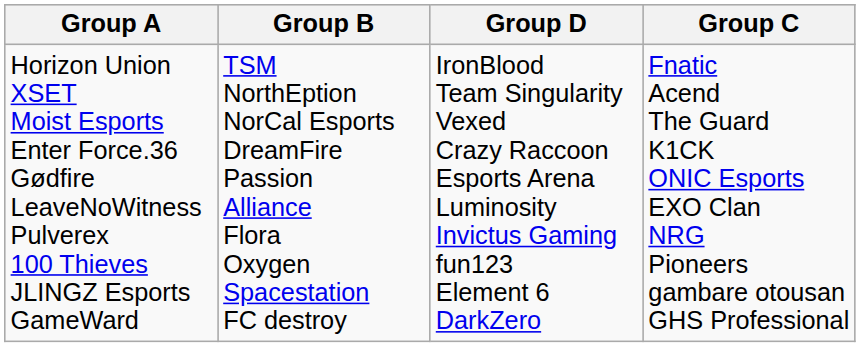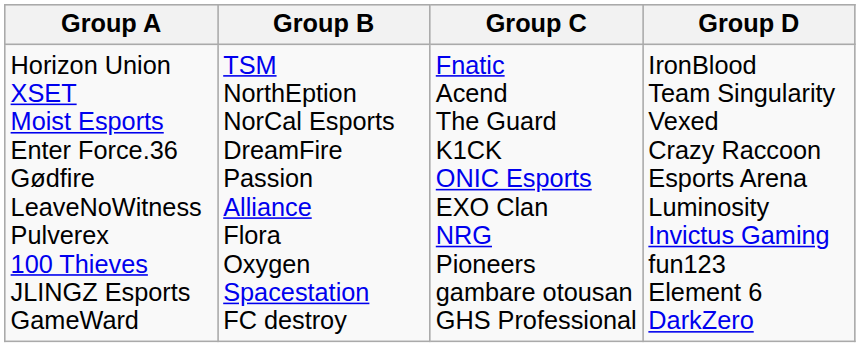 <table class="wikitable sortable">
 <tr>
 <th width=25%>Group A</th>
 <th width=25%>Group B</th>
+<th width=25%>Group C</th>
 <th width=25%>Group D</th>
-<th width=25%>Group C</th>
 </tr>
 <tr>
 <td>Horizon Union<br><a href='#'>XSET</a><br><a href='#'>Moist Esports</a><br>Enter Force.36<br>Gødfire<br>LeaveNoWitness<br>Pulverex<br><a href='#'>100 Thieves</a><br>JLINGZ Esports<br>GameWard</td>
 <td><a href='#'>TSM</a><br>NorthEption<br>NorCal Esports<br>DreamFire<br>Passion<br><a href='#'>Alliance</a><br>Flora<br>Oxygen<br><a href='#'>Spacestation</a><br>FC destroy</td>
+<td><a href='#'>Fnatic</a><br>Acend<br>The Guard<br>K1CK<br><a href='#'>ONIC Esports</a><br>EXO Clan<br><a href='#'>NRG</a><br>Pioneers<br>gambare otousan<br>GHS Professional</td>
 <td>IronBlood<br>Team Singularity<br>Vexed<br>Crazy Raccoon<br>Esports Arena<br>Luminosity<br><a href='#'>Invictus Gaming</a><br>fun123<br>Element 6<br><a href='#'>DarkZero</a></td>
-<td><a href='#'>Fnatic</a><br>Acend<br>The Guard<br>K1CK<br><a href='#'>ONIC Esports</a><br>EXO Clan<br><a href='#'>NRG</a><br>Pioneers<br>gambare otousan<br>GHS Professional</td>
 </tr>
 </table>
